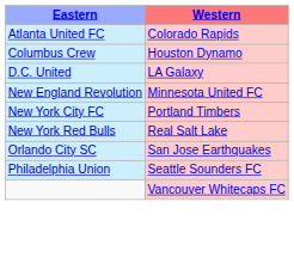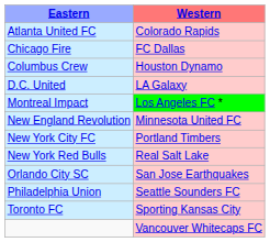 <table class="wikitable">
 <tr>
 <th style="background-color: #9AF;"><a href='#'>Eastern</a></th>
 <th style="background-color: #F77;"><a href='#'>Western</a></th>
 </tr>
 <tr>
 <td style="background-color: #CEF;"><a href='#'>Atlanta United FC</a></td>
 <td style="background-color: #FCC;"><a href='#'>Colorado Rapids</a></td>
 </tr>
 <tr>
+<td style="background-color: #CEF;"><a href='#'>Chicago Fire</a></td>
+<td style="background-color: #FCC;"><a href='#'>FC Dallas</a></td>
+</tr>
+<tr>
 <td style="background-color: #CEF;"><a href='#'>Columbus Crew</a></td>
 <td style="background-color: #FCC;"><a href='#'>Houston Dynamo</a></td>
 </tr>
 <tr>
 <td style="background-color: #CEF;"><a href='#'>D.C. United</a></td>
 <td style="background-color: #FCC;"><a href='#'>LA Galaxy</a></td>
+</tr>
+<tr>
+<td style="background-color: #CEF;"><a href='#'>Montreal Impact</a></td>
+<td style="background-color: #0F0;"><a href='#'>Los Angeles FC</a> *</td>
 </tr>
 <tr>
 <td style="background-color: #CEF;"><a href='#'>New England Revolution</a></td>
 <td style="background-color: #FCC;"><a href='#'>Minnesota United FC</a></td>
 </tr>
 <tr>
 <td style="background-color: #CEF;"><a href='#'>New York City FC</a></td>
 <td style="background-color: #FCC;"><a href='#'>Portland Timbers</a></td>
 </tr>
 <tr>
 <td style="background-color: #CEF;"><a href='#'>New York Red Bulls</a></td>
 <td style="background-color: #FCC;"><a href='#'>Real Salt Lake</a></td>
 </tr>
 <tr>
 <td style="background-color: #CEF;"><a href='#'>Orlando City SC</a></td>
 <td style="background-color: #FCC;"><a href='#'>San Jose Earthquakes</a></td>
 </tr>
 <tr>
 <td style="background-color: #CEF;"><a href='#'>Philadelphia Union</a></td>
 <td style="background-color: #FCC;"><a href='#'>Seattle Sounders FC</a></td>
 </tr>
 <tr>
+<td style="background-color: #CEF;"><a href='#'>Toronto FC</a></td>
+<td style="background-color: #FCC;"><a href='#'>Sporting Kansas City</a></td>
+</tr>
+<tr>
 <td></td>
 <td style="background-color: #FCC;"><a href='#'>Vancouver Whitecaps FC</a></td>
 </tr>
 </table>
